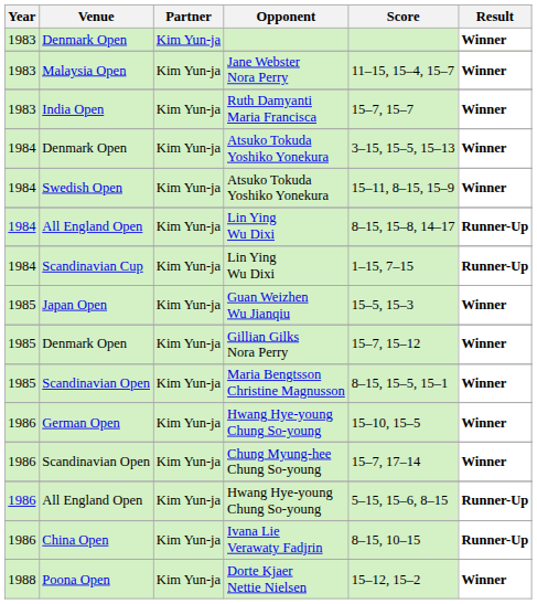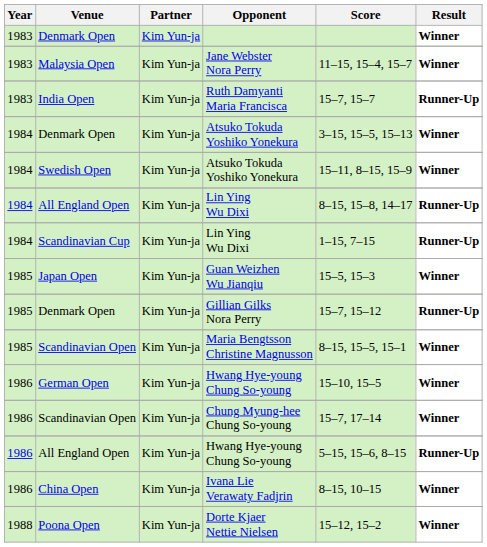 <table class="sortable wikitable" style="font-size: 90%;">
 <tr>
 <th>Year</th>
 <th>Venue</th>
 <th>Partner</th>
 <th>Opponent</th>
 <th>Score</th>
 <th>Result</th>
 </tr>
 <tr style="background:#D4F1C5">
 <td align="center">1983</td>
 <td align="left"><a href='#'>Denmark Open</a></td>
 <td align="left"> <a href='#'>Kim Yun-ja</a></td>
 <td align="left"> <br></td>
 <td align="left"></td>
 <td style="text-align:left; background:white"> <strong>Winner</strong></td>
 </tr>
 <tr>
 </tr>
 <tr style="background:#D4F1C5">
 <td align="center">1983</td>
 <td align="left"><a href='#'>Malaysia Open</a></td>
 <td align="left"> Kim Yun-ja</td>
 <td align="left"> <a href='#'>Jane Webster</a><br> <a href='#'>Nora Perry</a></td>
 <td align="left">11–15, 15–4, 15–7</td>
 <td style="text-align:left; background:white"> <strong>Winner</strong></td>
 </tr>
 <tr>
 </tr>
 <tr style="background:#D4F1C5">
 <td align="center">1983</td>
 <td align="left"><a href='#'>India Open</a></td>
 <td align="left"> Kim Yun-ja</td>
 <td align="left"> <a href='#'>Ruth Damyanti</a><br> <a href='#'>Maria Francisca</a></td>
 <td align="left">15–7, 15–7</td>
-<td style="text-align:left; background:white"> <strong>Winner</strong></td>
+<td style="text-align:left; background:white"> <strong>Runner-Up</strong></td>
 </tr>
 <tr>
 </tr>
 <tr style="background:#D4F1C5">
 <td align="center">1984</td>
 <td align="left">Denmark Open</td>
 <td align="left"> Kim Yun-ja</td>
 <td align="left"> <a href='#'>Atsuko Tokuda</a><br> <a href='#'>Yoshiko Yonekura</a></td>
 <td align="left">3–15, 15–5, 15–13</td>
 <td style="text-align:left; background:white"> <strong>Winner</strong></td>
 </tr>
 <tr>
 </tr>
 <tr style="background:#D4F1C5">
 <td align="center">1984</td>
 <td align="left"><a href='#'>Swedish Open</a></td>
 <td align="left"> Kim Yun-ja</td>
 <td align="left"> Atsuko Tokuda<br> Yoshiko Yonekura</td>
 <td align="left">15–11, 8–15, 15–9</td>
 <td style="text-align:left; background:white"> <strong>Winner</strong></td>
 </tr>
 <tr>
 </tr>
 <tr style="background:#D4F1C5">
 <td align="center"><a href='#'>1984</a></td>
 <td align="left"><a href='#'>All England Open</a></td>
 <td align="left"> Kim Yun-ja</td>
 <td align="left"> <a href='#'>Lin Ying</a><br> <a href='#'>Wu Dixi</a></td>
 <td align="left">8–15, 15–8, 14–17</td>
 <td style="text-align:left; background:white"> <strong>Runner-Up</strong></td>
 </tr>
 <tr>
 </tr>
 <tr style="background:#D4F1C5">
 <td align="center">1984</td>
 <td align="left"><a href='#'>Scandinavian Cup</a></td>
 <td align="left"> Kim Yun-ja</td>
 <td align="left"> Lin Ying<br> Wu Dixi</td>
 <td align="left">1–15, 7–15</td>
 <td style="text-align:left; background:white"> <strong>Runner-Up</strong></td>
 </tr>
 <tr>
 </tr>
 <tr style="background:#D4F1C5">
 <td align="center">1985</td>
 <td align="left"><a href='#'>Japan Open</a></td>
 <td align="left"> Kim Yun-ja</td>
 <td align="left"> <a href='#'>Guan Weizhen</a><br> <a href='#'>Wu Jianqiu</a></td>
 <td align="left">15–5, 15–3</td>
 <td style="text-align:left; background:white"> <strong>Winner</strong></td>
 </tr>
 <tr>
 </tr>
 <tr style="background:#D4F1C5">
 <td align="center">1985</td>
 <td align="left">Denmark Open</td>
 <td align="left"> Kim Yun-ja</td>
 <td align="left"> <a href='#'>Gillian Gilks</a><br> Nora Perry</td>
 <td align="left">15–7, 15–12</td>
-<td style="text-align:left; background:white"> <strong>Winner</strong></td>
+<td style="text-align:left; background:white"> <strong>Runner-Up</strong></td>
 </tr>
 <tr>
 </tr>
 <tr style="background:#D4F1C5">
 <td align="center">1985</td>
 <td align="left"><a href='#'>Scandinavian Open</a></td>
 <td align="left"> Kim Yun-ja</td>
 <td align="left"> <a href='#'>Maria Bengtsson</a><br> <a href='#'>Christine Magnusson</a></td>
 <td align="left">8–15, 15–5, 15–1</td>
 <td style="text-align:left; background:white"> <strong>Winner</strong></td>
 </tr>
 <tr>
 </tr>
 <tr style="background:#D4F1C5">
 <td align="center">1986</td>
 <td align="left"><a href='#'>German Open</a></td>
 <td align="left"> Kim Yun-ja</td>
 <td align="left"> <a href='#'>Hwang Hye-young</a><br> <a href='#'>Chung So-young</a></td>
 <td align="left">15–10, 15–5</td>
 <td style="text-align:left; background:white"> <strong>Winner</strong></td>
 </tr>
 <tr>
 </tr>
 <tr style="background:#D4F1C5">
 <td align="center">1986</td>
 <td align="left">Scandinavian Open</td>
 <td align="left"> Kim Yun-ja</td>
 <td align="left"> <a href='#'>Chung Myung-hee</a><br> Chung So-young</td>
 <td align="left">15–7, 17–14</td>
 <td style="text-align:left; background:white"> <strong>Winner</strong></td>
 </tr>
 <tr>
 </tr>
 <tr style="background:#D4F1C5">
 <td align="center"><a href='#'>1986</a></td>
 <td align="left">All England Open</td>
 <td align="left"> Kim Yun-ja</td>
 <td align="left"> Hwang Hye-young<br> Chung So-young</td>
 <td align="left">5–15, 15–6, 8–15</td>
 <td style="text-align:left; background:white"> <strong>Runner-Up</strong></td>
 </tr>
 <tr>
 </tr>
 <tr style="background:#D4F1C5">
 <td align="center">1986</td>
 <td align="left"><a href='#'>China Open</a></td>
 <td align="left"> Kim Yun-ja</td>
 <td align="left"> <a href='#'>Ivana Lie</a><br> <a href='#'>Verawaty Fadjrin</a></td>
 <td align="left">8–15, 10–15</td>
-<td style="text-align:left; background:white"> <strong>Runner-Up</strong></td>
+<td style="text-align:left; background:white"> <strong>Winner</strong></td>
 </tr>
 <tr>
 </tr>
 <tr style="background:#D4F1C5">
 <td align="center">1988</td>
 <td align="left"><a href='#'>Poona Open</a></td>
 <td align="left"> Kim Yun-ja</td>
 <td align="left"> <a href='#'>Dorte Kjaer</a><br> <a href='#'>Nettie Nielsen</a></td>
 <td align="left">15–12, 15–2</td>
 <td style="text-align:left; background:white"> <strong>Winner</strong></td>
 </tr>
 </table>
